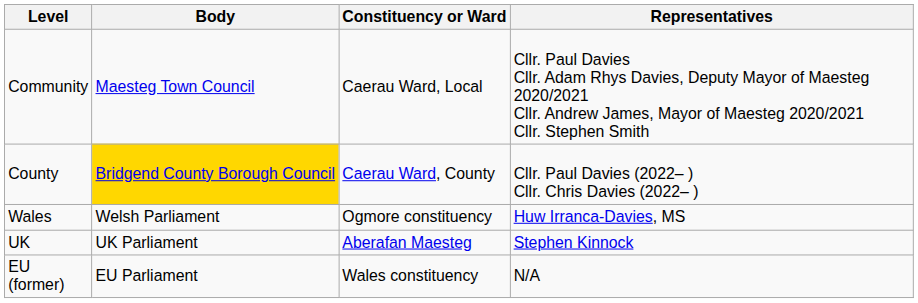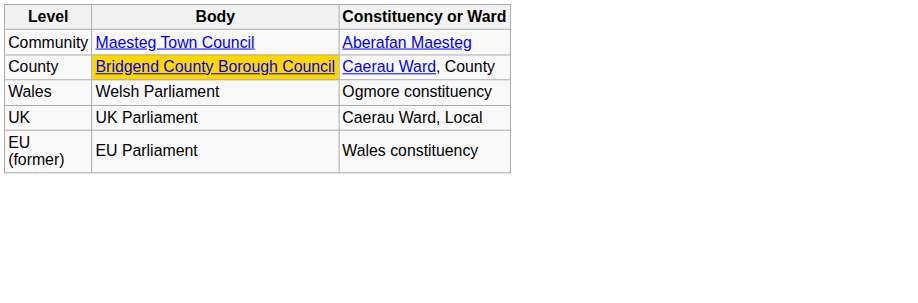 <table class="wikitable">
 <tr>
 <th>Level</th>
 <th>Body</th>
 <th>Constituency or Ward</th>
-<th width=400pt>Representatives</th>
 </tr>
 <tr>
 <td>Community</td>
 <td><a href='#'>Maesteg Town Council</a></td>
-<td>Caerau Ward, Local</td>
-<td><br>Cllr. Paul Davies<br> Cllr. Adam Rhys Davies, Deputy Mayor of Maesteg 2020/2021<br> Cllr. Andrew James, Mayor of Maesteg 2020/2021<br> Cllr. Stephen Smith</td>
+<td><a href='#'>Aberafan Maesteg</a></td>
 </tr>
 <tr>
 <td>County</td>
 <td style="background: gold;"><a href='#'>Bridgend County Borough Council</a></td>
 <td><a href='#'>Caerau Ward</a>, County</td>
-<td><br>Cllr. Paul Davies (2022– )<br> Cllr. Chris Davies (2022– )</td>
 </tr>
 <tr>
 <td>Wales</td>
 <td>Welsh Parliament</td>
 <td>Ogmore constituency</td>
-<td><a href='#'>Huw Irranca-Davies</a>, MS</td>
 </tr>
 <tr>
 <td>UK</td>
 <td>UK Parliament</td>
-<td><a href='#'>Aberafan Maesteg</a></td>
-<td><a href='#'>Stephen Kinnock</a></td>
+<td>Caerau Ward, Local</td>
 </tr>
 <tr>
 <td>EU<br>(former)</td>
 <td>EU Parliament</td>
 <td>Wales constituency</td>
-<td>N/A</td>
 </tr>
 </table>
